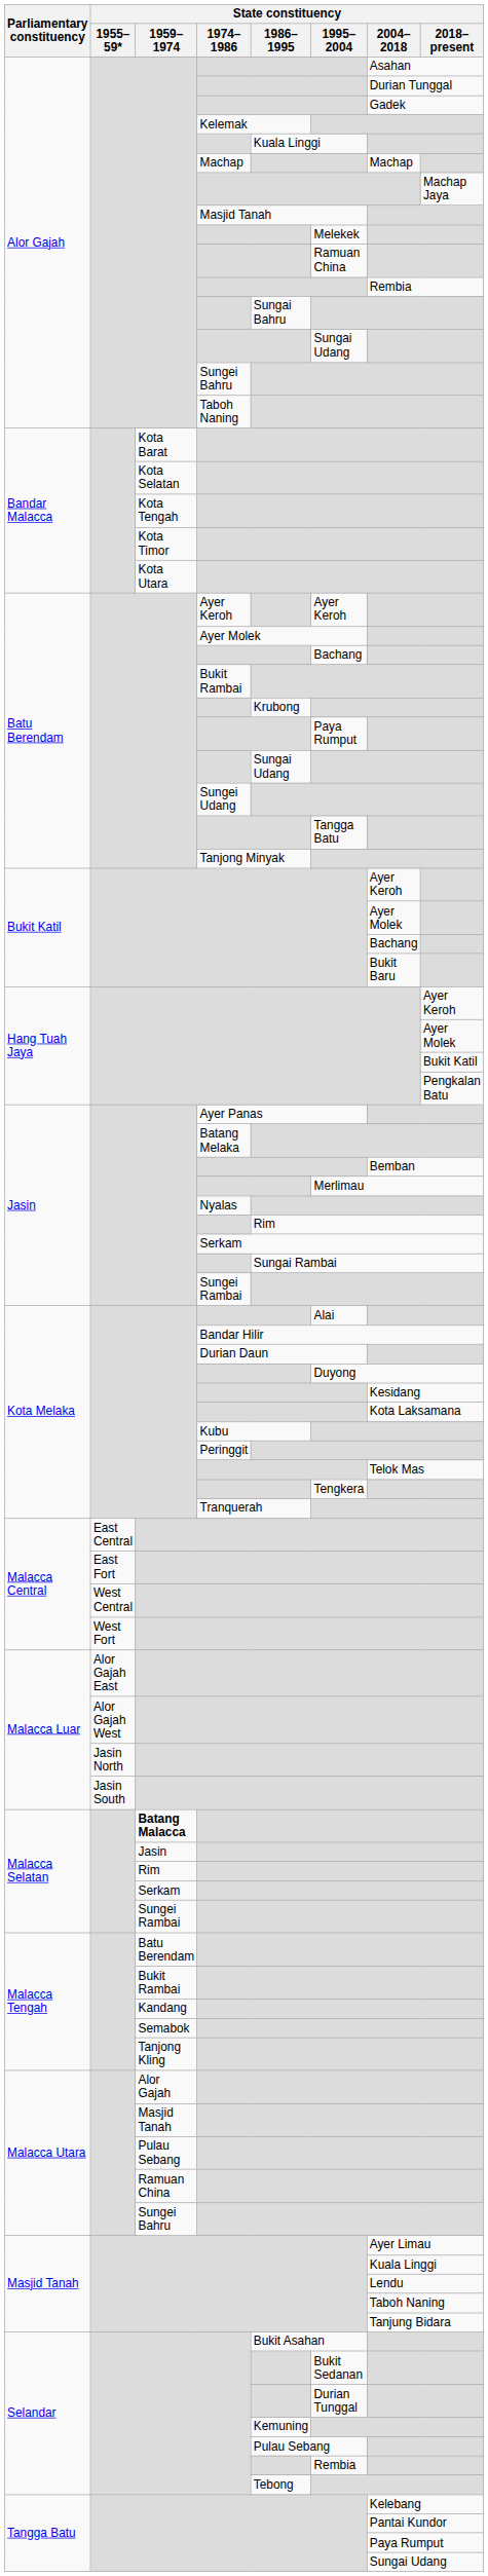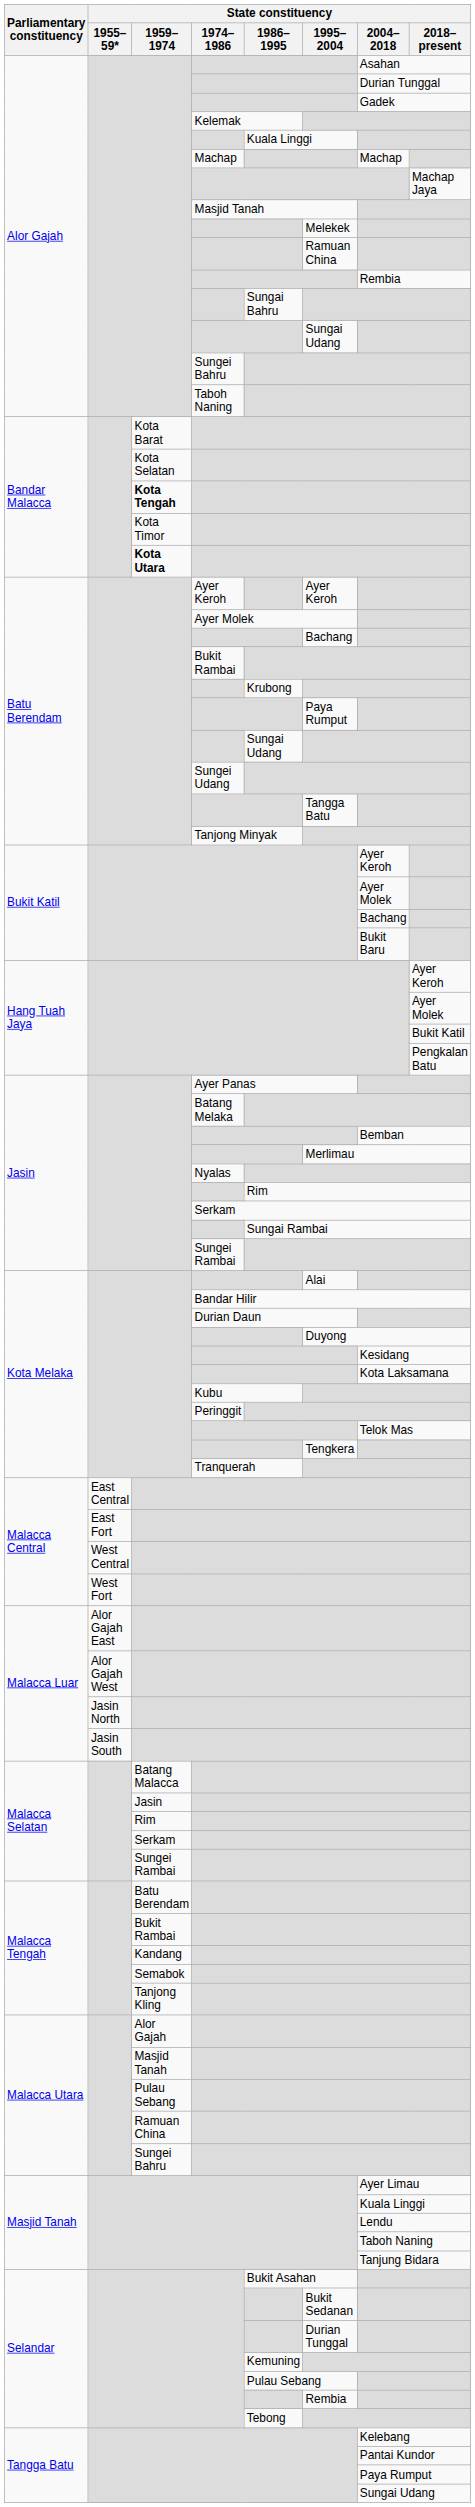 <table class=wikitable>
 <tr>
 <th rowspan=2>Parliamentary<br>constituency</th>
 <th colspan=7>State constituency</th>
 </tr>
 <tr>
 <th>1955–59*</th>
 <th>1959–1974</th>
 <th>1974–1986</th>
 <th>1986–1995</th>
 <th>1995–2004</th>
 <th>2004–2018</th>
 <th>2018–present</th>
 </tr>
 <tr>
 <td rowspan=15><a href='#'>Alor Gajah</a></td>
 <td colspan="2" rowspan="15" bgcolor="dcdcdc"></td>
 <td colspan=3 bgcolor=dcdcdc></td>
 <td colspan=2>Asahan</td>
 </tr>
 <tr>
 <td colspan=3 bgcolor=dcdcdc></td>
 <td colspan=2>Durian Tunggal</td>
 </tr>
 <tr>
 <td colspan=3 bgcolor=dcdcdc></td>
 <td colspan=2>Gadek</td>
 </tr>
 <tr>
 <td colspan=2>Kelemak</td>
 <td colspan=3 bgcolor=dcdcdc></td>
 </tr>
 <tr>
 <td bgcolor=dcdcdc></td>
 <td colspan=2>Kuala Linggi</td>
 <td colspan=2 bgcolor=dcdcdc></td>
 </tr>
 <tr>
 <td>Machap</td>
 <td colspan=2 bgcolor=dcdcdc></td>
 <td>Machap</td>
 <td bgcolor=dcdcdc></td>
 </tr>
 <tr>
 <td colspan=4 bgcolor=dcdcdc></td>
 <td>Machap Jaya</td>
 </tr>
 <tr>
 <td colspan=3>Masjid Tanah</td>
 <td colspan=2 bgcolor=dcdcdc></td>
 </tr>
 <tr>
 <td colspan=2 bgcolor=dcdcdc></td>
 <td>Melekek</td>
 <td colspan=2 bgcolor=dcdcdc></td>
 </tr>
 <tr>
 <td colspan=2 bgcolor=dcdcdc></td>
 <td>Ramuan China</td>
 <td colspan=2 bgcolor=dcdcdc></td>
 </tr>
 <tr>
 <td colspan=3 bgcolor=dcdcdc></td>
 <td colspan=2>Rembia</td>
 </tr>
 <tr>
 <td bgcolor=dcdcdc></td>
 <td>Sungai Bahru</td>
 <td colspan=3 bgcolor=dcdcdc></td>
 </tr>
 <tr>
 <td colspan=2 bgcolor=dcdcdc></td>
 <td>Sungai Udang</td>
 <td colspan=2 bgcolor=dcdcdc></td>
 </tr>
 <tr>
 <td>Sungei Bahru</td>
 <td colspan=4 bgcolor=dcdcdc></td>
 </tr>
 <tr>
 <td>Taboh Naning</td>
 <td colspan=4 bgcolor=dcdcdc></td>
 </tr>
 <tr>
 <td rowspan=5><a href='#'>Bandar Malacca</a></td>
 <td rowspan="5" bgcolor="dcdcdc"></td>
 <td>Kota Barat</td>
 <td colspan=5 bgcolor=dcdcdc></td>
 </tr>
 <tr>
 <td>Kota Selatan</td>
 <td colspan=5 bgcolor=dcdcdc></td>
 </tr>
 <tr>
-<td>Kota Tengah</td>
+<td><strong>Kota Tengah</strong></td>
 <td colspan=5 bgcolor=dcdcdc></td>
 </tr>
 <tr>
 <td>Kota Timor</td>
 <td colspan=5 bgcolor=dcdcdc></td>
 </tr>
 <tr>
-<td>Kota Utara</td>
+<td><strong>Kota Utara</strong></td>
 <td colspan=5 bgcolor=dcdcdc></td>
 </tr>
 <tr>
 <td rowspan=10><a href='#'>Batu Berendam</a></td>
 <td colspan="2" rowspan="10" bgcolor="dcdcdc"></td>
 <td>Ayer Keroh</td>
 <td bgcolor=dcdcdc></td>
 <td>Ayer Keroh</td>
 <td colspan=2 bgcolor=dcdcdc></td>
 </tr>
 <tr>
 <td colspan=3>Ayer Molek</td>
 <td colspan=2 bgcolor=dcdcdc></td>
 </tr>
 <tr>
 <td colspan=2 bgcolor=dcdcdc></td>
 <td>Bachang</td>
 <td colspan=2 bgcolor=dcdcdc></td>
 </tr>
 <tr>
 <td>Bukit Rambai</td>
 <td colspan=4 bgcolor=dcdcdc></td>
 </tr>
 <tr>
 <td bgcolor=dcdcdc></td>
 <td>Krubong</td>
 <td colspan=3 bgcolor=dcdcdc></td>
 </tr>
 <tr>
 <td colspan=2 bgcolor=dcdcdc></td>
 <td>Paya Rumput</td>
 <td colspan=2 bgcolor=dcdcdc></td>
 </tr>
 <tr>
 <td bgcolor=dcdcdc></td>
 <td>Sungai Udang</td>
 <td colspan=3 bgcolor=dcdcdc></td>
 </tr>
 <tr>
 <td>Sungei Udang</td>
 <td colspan=4 bgcolor=dcdcdc></td>
 </tr>
 <tr>
 <td colspan=2 bgcolor=dcdcdc></td>
 <td>Tangga Batu</td>
 <td colspan=2 bgcolor=dcdcdc></td>
 </tr>
 <tr>
 <td colspan=2>Tanjong Minyak</td>
 <td colspan=3 bgcolor=dcdcdc></td>
 </tr>
 <tr>
 <td rowspan=4><a href='#'>Bukit Katil</a></td>
 <td colspan="5" rowspan="4" bgcolor="dcdcdc"></td>
 <td>Ayer Keroh</td>
 <td bgcolor=dcdcdc></td>
 </tr>
 <tr>
 <td>Ayer Molek</td>
 <td bgcolor=dcdcdc></td>
 </tr>
 <tr>
 <td>Bachang</td>
 <td bgcolor=dcdcdc></td>
 </tr>
 <tr>
 <td>Bukit Baru</td>
 <td bgcolor=dcdcdc></td>
 </tr>
 <tr>
 <td rowspan=4><a href='#'>Hang Tuah Jaya</a></td>
 <td colspan="6" rowspan="4" bgcolor="dcdcdc"></td>
 <td>Ayer Keroh</td>
 </tr>
 <tr>
 <td>Ayer Molek</td>
 </tr>
 <tr>
 <td>Bukit Katil</td>
 </tr>
 <tr>
 <td>Pengkalan Batu</td>
 </tr>
 <tr>
 <td rowspan=9><a href='#'>Jasin</a></td>
 <td colspan="2" rowspan="9" bgcolor="dcdcdc"></td>
 <td colspan=3>Ayer Panas</td>
 <td colspan=2 bgcolor=dcdcdc></td>
 </tr>
 <tr>
 <td>Batang Melaka</td>
 <td colspan=4 bgcolor=dcdcdc></td>
 </tr>
 <tr>
 <td colspan=3 bgcolor=dcdcdc></td>
 <td colspan=2>Bemban</td>
 </tr>
 <tr>
 <td colspan=2 bgcolor=dcdcdc></td>
 <td colspan=3>Merlimau</td>
 </tr>
 <tr>
 <td>Nyalas</td>
 <td colspan=4 bgcolor=dcdcdc></td>
 </tr>
 <tr>
 <td bgcolor=dcdcdc></td>
 <td colspan=4>Rim</td>
 </tr>
 <tr>
 <td colspan=5>Serkam</td>
 </tr>
 <tr>
 <td bgcolor=dcdcdc></td>
 <td colspan=4>Sungai Rambai</td>
 </tr>
 <tr>
 <td>Sungei Rambai</td>
 <td colspan=4 bgcolor=dcdcdc></td>
 </tr>
 <tr>
 <td rowspan=11><a href='#'>Kota Melaka</a></td>
 <td colspan="2" rowspan="11" bgcolor="dcdcdc"></td>
 <td colspan=2 bgcolor=dcdcdc></td>
 <td>Alai</td>
 <td colspan=2 bgcolor=dcdcdc></td>
 </tr>
 <tr>
 <td colspan=5>Bandar Hilir</td>
 </tr>
 <tr>
 <td colspan=3>Durian Daun</td>
 <td colspan=2 bgcolor=dcdcdc></td>
 </tr>
 <tr>
 <td colspan=2 bgcolor=dcdcdc></td>
 <td colspan=3>Duyong</td>
 </tr>
 <tr>
 <td colspan=3 bgcolor=dcdcdc></td>
 <td colspan=2>Kesidang</td>
 </tr>
 <tr>
 <td colspan=3 bgcolor=dcdcdc></td>
 <td colspan=2>Kota Laksamana</td>
 </tr>
 <tr>
 <td colspan=2>Kubu</td>
 <td colspan=3 bgcolor=dcdcdc></td>
 </tr>
 <tr>
 <td>Peringgit</td>
 <td colspan=4 bgcolor=dcdcdc></td>
 </tr>
 <tr>
 <td colspan=3 bgcolor=dcdcdc></td>
 <td colspan=2>Telok Mas</td>
 </tr>
 <tr>
 <td colspan=2 bgcolor=dcdcdc></td>
 <td>Tengkera</td>
 <td colspan=2 bgcolor=dcdcdc></td>
 </tr>
 <tr>
 <td colspan=2>Tranquerah</td>
 <td colspan=3 bgcolor=dcdcdc></td>
 </tr>
 <tr>
 <td rowspan=4><a href='#'>Malacca Central</a></td>
 <td>East Central</td>
 <td colspan=6 bgcolor=dcdcdc></td>
 </tr>
 <tr>
 <td>East Fort</td>
 <td colspan=6 bgcolor=dcdcdc></td>
 </tr>
 <tr>
 <td>West Central</td>
 <td colspan=6 bgcolor=dcdcdc></td>
 </tr>
 <tr>
 <td>West Fort</td>
 <td colspan=6 bgcolor=dcdcdc></td>
 </tr>
 <tr>
 <td rowspan=4><a href='#'>Malacca Luar</a></td>
 <td>Alor Gajah East</td>
 <td colspan=6 bgcolor=dcdcdc></td>
 </tr>
 <tr>
 <td>Alor Gajah West</td>
 <td colspan=6 bgcolor=dcdcdc></td>
 </tr>
 <tr>
 <td>Jasin North</td>
 <td colspan=6 bgcolor=dcdcdc></td>
 </tr>
 <tr>
 <td>Jasin South</td>
 <td colspan=6 bgcolor=dcdcdc></td>
 </tr>
 <tr>
 <td rowspan=5><a href='#'>Malacca Selatan</a></td>
 <td rowspan="5" bgcolor="dcdcdc"></td>
-<td><strong>Batang Malacca</strong></td>
+<td>Batang Malacca</td>
 <td colspan=5 bgcolor=dcdcdc></td>
 </tr>
 <tr>
 <td>Jasin</td>
 <td colspan=5 bgcolor=dcdcdc></td>
 </tr>
 <tr>
 <td>Rim</td>
 <td colspan=5 bgcolor=dcdcdc></td>
 </tr>
 <tr>
 <td>Serkam</td>
 <td colspan=5 bgcolor=dcdcdc></td>
 </tr>
 <tr>
 <td>Sungei Rambai</td>
 <td colspan=5 bgcolor=dcdcdc></td>
 </tr>
 <tr>
 <td rowspan=5><a href='#'>Malacca Tengah</a></td>
 <td rowspan="5" bgcolor="dcdcdc"></td>
 <td>Batu Berendam</td>
 <td colspan=5 bgcolor=dcdcdc></td>
 </tr>
 <tr>
 <td>Bukit Rambai</td>
 <td colspan=5 bgcolor=dcdcdc></td>
 </tr>
 <tr>
 <td>Kandang</td>
 <td colspan=5 bgcolor=dcdcdc></td>
 </tr>
 <tr>
 <td>Semabok</td>
 <td colspan=5 bgcolor=dcdcdc></td>
 </tr>
 <tr>
 <td>Tanjong Kling</td>
 <td colspan=5 bgcolor=dcdcdc></td>
 </tr>
 <tr>
 <td rowspan=5><a href='#'>Malacca Utara</a></td>
 <td rowspan="5" bgcolor="dcdcdc"></td>
 <td>Alor Gajah</td>
 <td colspan=5 bgcolor=dcdcdc></td>
 </tr>
 <tr>
 <td>Masjid Tanah</td>
 <td colspan=5 bgcolor=dcdcdc></td>
 </tr>
 <tr>
 <td>Pulau Sebang</td>
 <td colspan=5 bgcolor=dcdcdc></td>
 </tr>
 <tr>
 <td>Ramuan China</td>
 <td colspan=5 bgcolor=dcdcdc></td>
 </tr>
 <tr>
 <td>Sungei Bahru</td>
 <td colspan=5 bgcolor=dcdcdc></td>
 </tr>
 <tr>
 <td rowspan=5><a href='#'>Masjid Tanah</a></td>
 <td colspan="5" rowspan="5" bgcolor="dcdcdc"></td>
 <td colspan=2>Ayer Limau</td>
 </tr>
 <tr>
 <td colspan=2>Kuala Linggi</td>
 </tr>
 <tr>
 <td colspan=2>Lendu</td>
 </tr>
 <tr>
 <td colspan=2>Taboh Naning</td>
 </tr>
 <tr>
 <td colspan=2>Tanjung Bidara</td>
 </tr>
 <tr>
 <td rowspan=7><a href='#'>Selandar</a></td>
 <td colspan="3" rowspan="7" bgcolor="dcdcdc"></td>
 <td colspan=2>Bukit Asahan</td>
 <td colspan=2 bgcolor=dcdcdc></td>
 </tr>
 <tr>
 <td bgcolor=dcdcdc></td>
 <td>Bukit Sedanan</td>
 <td colspan=2 bgcolor=dcdcdc></td>
 </tr>
 <tr>
 <td bgcolor=dcdcdc></td>
 <td>Durian Tunggal</td>
 <td colspan=2 bgcolor=dcdcdc></td>
 </tr>
 <tr>
 <td>Kemuning</td>
 <td colspan=3 bgcolor=dcdcdc></td>
 </tr>
 <tr>
 <td colspan=2>Pulau Sebang</td>
 <td colspan=2 bgcolor=dcdcdc></td>
 </tr>
 <tr>
 <td bgcolor=dcdcdc></td>
 <td>Rembia</td>
 <td colspan=2 bgcolor=dcdcdc></td>
 </tr>
 <tr>
 <td>Tebong</td>
 <td colspan=3 bgcolor=dcdcdc></td>
 </tr>
 <tr>
 <td rowspan=4><a href='#'>Tangga Batu</a></td>
 <td colspan="5" rowspan="4" bgcolor="dcdcdc"></td>
 <td colspan=2>Kelebang</td>
 </tr>
 <tr>
 <td colspan=2>Pantai Kundor</td>
 </tr>
 <tr>
 <td colspan=2>Paya Rumput</td>
 </tr>
 <tr>
 <td colspan=2>Sungai Udang</td>
 </tr>
 </table>
